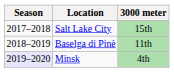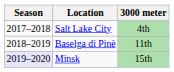 <table class="wikitable" style="display: inline-table;">
 <tr>
 <th>Season</th>
 <th>Location</th>
 <th colspan="1">3000 meter</th>
 </tr>
 <tr style="text-align:center">
 <td>2017–2018</td>
 <td align=left> <a href='#'>Salt Lake City</a></td>
-<td style="background:#addfad;">15th</td>
+<td style="background:#addfad;">4th</td>
 </tr>
 <tr style="text-align:center">
 <td>2018–2019</td>
 <td align=left> <a href='#'>Baselga di Pinè</a></td>
 <td style="background:#addfad;">11th</td>
 </tr>
 <tr style="text-align:center">
 <td style="background: lavender;">2019–2020</td>
 <td align=left> <a href='#'>Minsk</a></td>
-<td style="background:#addfad;">4th</td>
+<td style="background:#addfad;">15th</td>
 </tr>
 </table>
